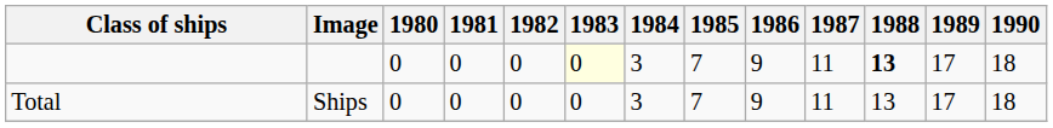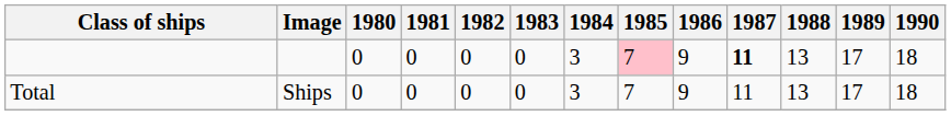 <table class="wikitable sortable collapsible collapsed">
 <tr>
 <th style="width:29%;">Class of ships</th>
 <th>Image</th>
 <th>1980</th>
 <th>1981</th>
 <th>1982</th>
 <th>1983</th>
 <th>1984</th>
 <th>1985</th>
 <th>1986</th>
 <th>1987</th>
 <th>1988</th>
 <th>1989</th>
 <th>1990</th>
 </tr>
 <tr valign="top">
 <td></td>
 <td></td>
 <td>0</td>
 <td>0</td>
 <td>0</td>
-<td style="background: lightyellow;">0</td>
+<td>0</td>
 <td>3</td>
-<td>7</td>
+<td style="background: pink;">7</td>
 <td>9</td>
-<td>11</td>
-<td><strong>13</strong></td>
+<td><strong>11</strong></td>
+<td>13</td>
 <td>17</td>
 <td>18</td>
 </tr>
 <tr valign="top">
 <td>Total</td>
 <td>Ships</td>
 <td>0</td>
 <td>0</td>
 <td>0</td>
 <td>0</td>
 <td>3</td>
 <td>7</td>
 <td>9</td>
 <td>11</td>
 <td>13</td>
 <td>17</td>
 <td>18</td>
 </tr>
 <tr>
 </tr>
 </table>
